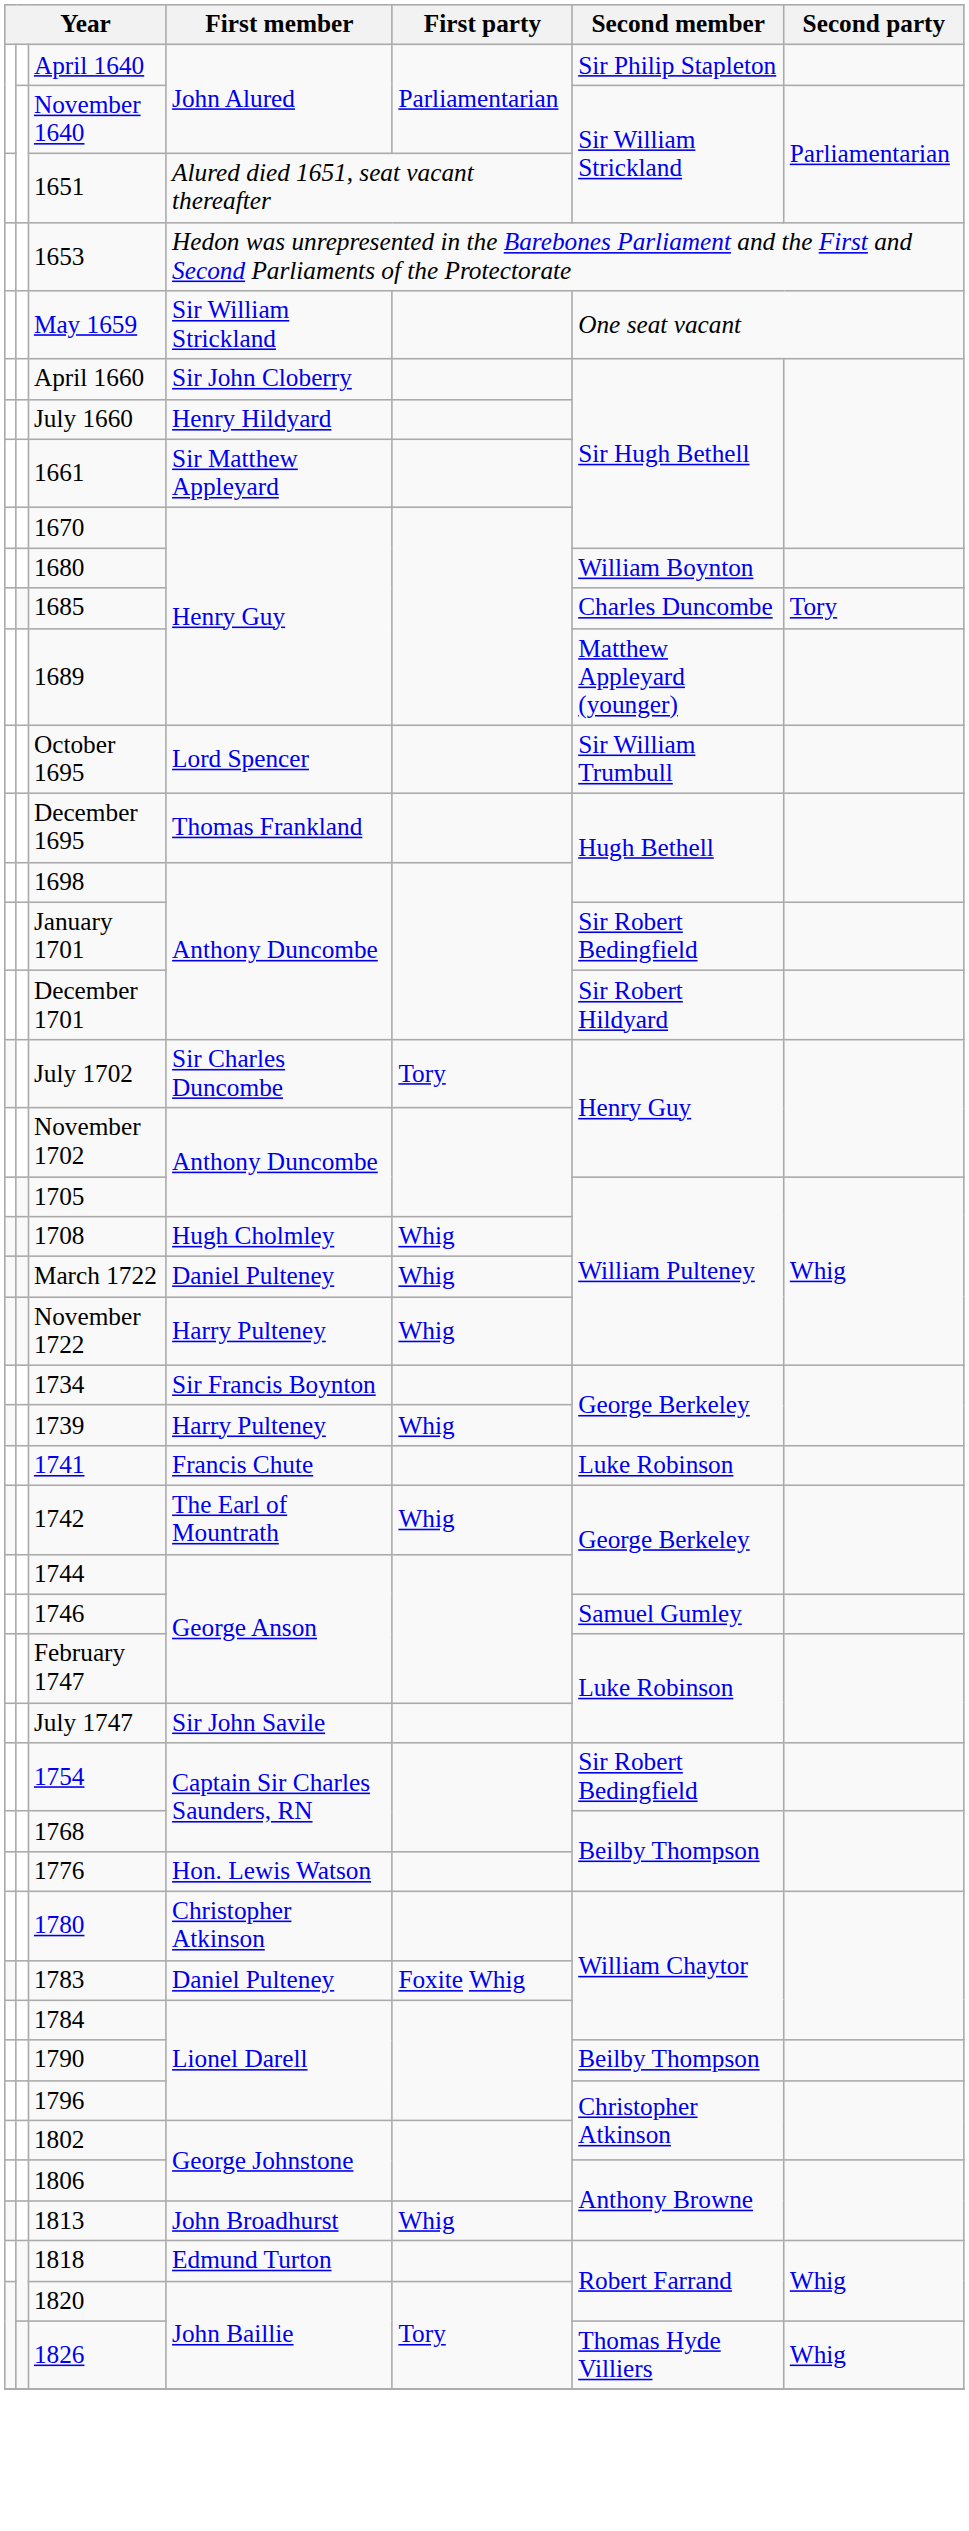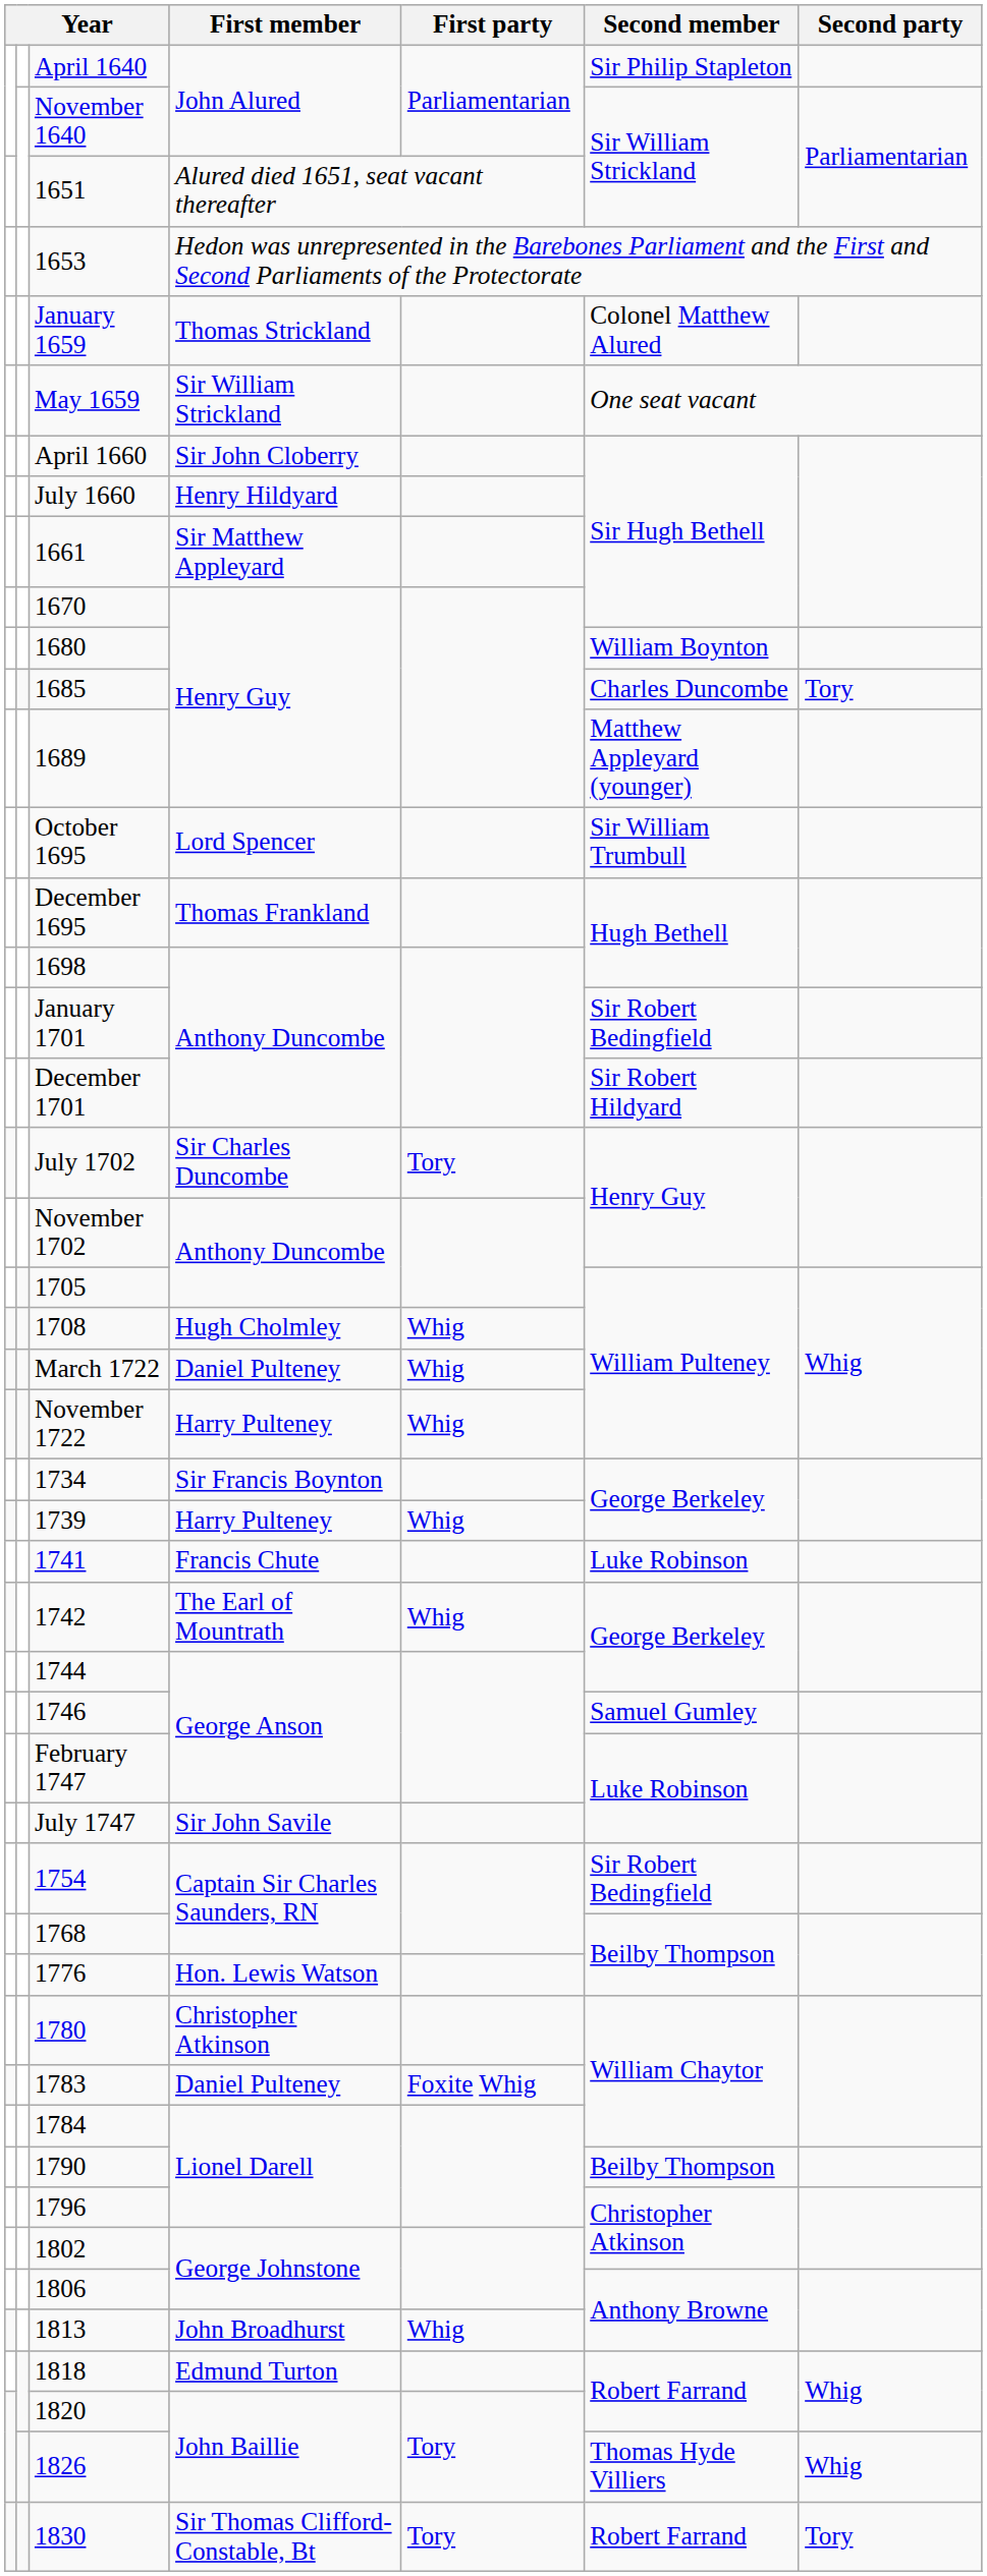 <table class="wikitable">
 <tr>
 <th colspan="3">Year</th>
 <th>First member</th>
 <th>First party</th>
 <th>Second member</th>
 <th>Second party</th>
 </tr>
 <tr>
 <td rowspan="2" style="color:inherit;background-color: white"></td>
 <td style="color:inherit;background-color: white"></td>
 <td><a href='#'>April 1640</a></td>
 <td rowspan="2"><a href='#'>John Alured</a></td>
 <td rowspan="2"><a href='#'>Parliamentarian</a></td>
 <td><a href='#'>Sir Philip Stapleton</a></td>
 <td></td>
 </tr>
 <tr>
 <td rowspan="2" style="color:inherit;background-color: white"></td>
 <td><a href='#'>November 1640</a></td>
 <td rowspan="2"><a href='#'>Sir William Strickland</a></td>
 <td rowspan="2"><a href='#'>Parliamentarian</a></td>
 </tr>
 <tr>
 <td style="color:inherit;background-color: white"></td>
 <td>1651</td>
 <td colspan="2"><em>Alured died 1651, seat vacant thereafter</em></td>
 </tr>
 <tr>
 <td style="color:inherit;background-color: white"></td>
 <td style="color:inherit;background-color: white"></td>
 <td>1653</td>
 <td colspan="4"><em>Hedon was unrepresented in the <a href='#'>Barebones Parliament</a> and the <a href='#'>First</a> and <a href='#'>Second</a> Parliaments of the Protectorate</em></td>
+</tr>
+<tr>
+<td style="color:inherit;background-color: white"></td>
+<td style="color:inherit;background-color: white"></td>
+<td><a href='#'>January 1659</a></td>
+<td><a href='#'>Thomas Strickland</a></td>
+<td></td>
+<td>Colonel <a href='#'>Matthew Alured</a></td>
+<td></td>
 </tr>
 <tr>
 <td style="color:inherit;background-color: white"></td>
 <td style="color:inherit;background-color: white"></td>
 <td><a href='#'>May 1659</a></td>
 <td><a href='#'>Sir William Strickland</a></td>
 <td></td>
 <td colspan="2"><em>One seat vacant</em></td>
 </tr>
 <tr>
 <td style="color:inherit;background-color: white"></td>
 <td style="color:inherit;background-color: white"></td>
 <td>April 1660</td>
 <td><a href='#'>Sir John Cloberry</a></td>
 <td></td>
 <td rowspan="4"><a href='#'>Sir Hugh Bethell</a></td>
 <td rowspan="4"></td>
 </tr>
 <tr>
 <td style="color:inherit;background-color: white"></td>
 <td style="color:inherit;background-color: white"></td>
 <td>July 1660</td>
 <td><a href='#'>Henry Hildyard</a></td>
 <td></td>
 </tr>
 <tr>
 <td style="color:inherit;background-color: white"></td>
 <td style="color:inherit;background-color: white"></td>
 <td>1661</td>
 <td><a href='#'>Sir Matthew Appleyard</a></td>
 <td></td>
 </tr>
 <tr>
 <td style="color:inherit;background-color: white"></td>
 <td style="color:inherit;background-color: white"></td>
 <td>1670</td>
 <td rowspan="4"><a href='#'>Henry Guy</a></td>
 <td rowspan="4"></td>
 </tr>
 <tr>
 <td style="color:inherit;background-color: white"></td>
 <td style="color:inherit;background-color: white"></td>
 <td>1680</td>
 <td><a href='#'>William Boynton</a></td>
 <td></td>
 </tr>
 <tr>
 <td style="color:inherit;background-color: white"></td>
 <td style="color:inherit;background-color: "></td>
 <td>1685</td>
 <td><a href='#'>Charles Duncombe</a></td>
 <td><a href='#'>Tory</a></td>
 </tr>
 <tr>
 <td style="color:inherit;background-color: white"></td>
 <td style="color:inherit;background-color: white"></td>
 <td>1689</td>
 <td><a href='#'>Matthew Appleyard (younger)</a></td>
 <td></td>
 </tr>
 <tr>
 <td style="color:inherit;background-color: white"></td>
 <td style="color:inherit;background-color: white"></td>
 <td>October 1695</td>
 <td><a href='#'>Lord Spencer</a></td>
 <td></td>
 <td><a href='#'>Sir William Trumbull</a></td>
 <td></td>
 </tr>
 <tr>
 <td style="color:inherit;background-color: white"></td>
 <td style="color:inherit;background-color: white"></td>
 <td>December 1695</td>
 <td><a href='#'>Thomas Frankland</a></td>
 <td></td>
 <td rowspan="2"><a href='#'>Hugh Bethell</a></td>
 <td rowspan="2"></td>
 </tr>
 <tr>
 <td style="color:inherit;background-color: white"></td>
 <td style="color:inherit;background-color: white"></td>
 <td>1698</td>
 <td rowspan="3"><a href='#'>Anthony Duncombe</a></td>
 <td rowspan="3"></td>
 </tr>
 <tr>
 <td style="color:inherit;background-color: white"></td>
 <td style="color:inherit;background-color: white"></td>
 <td>January 1701</td>
 <td><a href='#'>Sir Robert Bedingfield</a></td>
 <td></td>
 </tr>
 <tr>
 <td style="color:inherit;background-color: white"></td>
 <td style="color:inherit;background-color: white"></td>
 <td>December 1701</td>
 <td><a href='#'>Sir Robert Hildyard</a></td>
 <td></td>
 </tr>
 <tr>
 <td style="color:inherit;background-color: "></td>
 <td style="color:inherit;background-color: white"></td>
 <td>July 1702</td>
 <td><a href='#'>Sir Charles Duncombe</a></td>
 <td><a href='#'>Tory</a></td>
 <td rowspan="2"><a href='#'>Henry Guy</a></td>
 <td rowspan="2"></td>
 </tr>
 <tr>
 <td style="color:inherit;background-color: white"></td>
 <td style="color:inherit;background-color: white"></td>
 <td>November 1702</td>
 <td rowspan="2"><a href='#'>Anthony Duncombe</a></td>
 <td rowspan="2"></td>
 </tr>
 <tr>
 <td style="color:inherit;background-color: white"></td>
 <td style="color:inherit;background-color: "></td>
 <td>1705</td>
 <td rowspan="4"><a href='#'>William Pulteney</a></td>
 <td rowspan="4"><a href='#'>Whig</a></td>
 </tr>
 <tr>
 <td style="color:inherit;background-color: "></td>
 <td style="color:inherit;background-color: "></td>
 <td>1708</td>
 <td><a href='#'>Hugh Cholmley</a></td>
 <td><a href='#'>Whig</a></td>
 </tr>
 <tr>
 <td style="color:inherit;background-color: "></td>
 <td style="color:inherit;background-color: "></td>
 <td>March 1722</td>
 <td><a href='#'>Daniel Pulteney</a></td>
 <td><a href='#'>Whig</a></td>
 </tr>
 <tr>
 <td style="color:inherit;background-color: "></td>
 <td style="color:inherit;background-color: "></td>
 <td>November 1722</td>
 <td><a href='#'>Harry Pulteney</a></td>
 <td><a href='#'>Whig</a></td>
 </tr>
 <tr>
 <td style="color:inherit;background-color: white"></td>
 <td style="color:inherit;background-color: white"></td>
 <td>1734</td>
 <td><a href='#'>Sir Francis Boynton</a></td>
 <td></td>
 <td rowspan="2"><a href='#'>George Berkeley</a></td>
 <td rowspan="2"></td>
 </tr>
 <tr>
 <td style="color:inherit;background-color: "></td>
 <td style="color:inherit;background-color: white"></td>
 <td>1739</td>
 <td><a href='#'>Harry Pulteney</a></td>
 <td><a href='#'>Whig</a></td>
 </tr>
 <tr>
 <td style="color:inherit;background-color: white"></td>
 <td style="color:inherit;background-color: white"></td>
 <td><a href='#'>1741</a></td>
 <td><a href='#'>Francis Chute</a></td>
 <td></td>
 <td><a href='#'>Luke Robinson</a></td>
 <td></td>
 </tr>
 <tr>
 <td style="color:inherit;background-color: "></td>
 <td style="color:inherit;background-color: white"></td>
 <td>1742</td>
 <td><a href='#'>The Earl of Mountrath</a></td>
 <td><a href='#'>Whig</a></td>
 <td rowspan="2"><a href='#'>George Berkeley</a></td>
 <td rowspan="2"></td>
 </tr>
 <tr>
 <td style="color:inherit;background-color: white"></td>
 <td style="color:inherit;background-color: white"></td>
 <td>1744</td>
 <td rowspan="3"><a href='#'>George Anson</a></td>
 <td rowspan="3"></td>
 </tr>
 <tr>
 <td style="color:inherit;background-color: white"></td>
 <td style="color:inherit;background-color: white"></td>
 <td>1746</td>
 <td><a href='#'>Samuel Gumley</a></td>
 <td></td>
 </tr>
 <tr>
 <td style="color:inherit;background-color: white"></td>
 <td style="color:inherit;background-color: white"></td>
 <td>February 1747</td>
 <td rowspan="2"><a href='#'>Luke Robinson</a></td>
 <td rowspan="2"></td>
 </tr>
 <tr>
 <td style="color:inherit;background-color: white"></td>
 <td style="color:inherit;background-color: white"></td>
 <td>July 1747</td>
 <td><a href='#'>Sir John Savile</a></td>
 <td></td>
 </tr>
 <tr>
 <td style="color:inherit;background-color: white"></td>
 <td style="color:inherit;background-color: white"></td>
 <td><a href='#'>1754</a></td>
 <td rowspan="2"><a href='#'>Captain Sir Charles Saunders, RN</a></td>
 <td rowspan="2"></td>
 <td><a href='#'>Sir Robert Bedingfield</a></td>
 <td></td>
 </tr>
 <tr>
 <td style="color:inherit;background-color: white"></td>
 <td style="color:inherit;background-color: white"></td>
 <td>1768</td>
 <td rowspan="2"><a href='#'>Beilby Thompson</a></td>
 <td rowspan="2"></td>
 </tr>
 <tr>
 <td style="color:inherit;background-color: white"></td>
 <td style="color:inherit;background-color: white"></td>
 <td>1776</td>
 <td><a href='#'>Hon. Lewis Watson</a></td>
 <td></td>
 </tr>
 <tr>
 <td style="color:inherit;background-color: white"></td>
 <td style="color:inherit;background-color: white"></td>
 <td><a href='#'>1780</a></td>
 <td><a href='#'>Christopher Atkinson</a></td>
 <td></td>
 <td rowspan="3"><a href='#'>William Chaytor</a></td>
 <td rowspan="3"></td>
 </tr>
 <tr>
 <td style="color:inherit;background-color: "></td>
 <td style="color:inherit;background-color: white"></td>
 <td>1783</td>
 <td><a href='#'>Daniel Pulteney</a></td>
 <td><a href='#'>Foxite</a> <a href='#'>Whig</a></td>
 </tr>
 <tr>
 <td style="color:inherit;background-color: white"></td>
 <td style="color:inherit;background-color: white"></td>
 <td>1784</td>
 <td rowspan="3"><a href='#'>Lionel Darell</a></td>
 <td rowspan="3"></td>
 </tr>
 <tr>
 <td style="color:inherit;background-color: white"></td>
 <td style="color:inherit;background-color: white"></td>
 <td>1790</td>
 <td><a href='#'>Beilby Thompson</a></td>
 <td></td>
 </tr>
 <tr>
 <td style="color:inherit;background-color: white"></td>
 <td style="color:inherit;background-color: white"></td>
 <td>1796</td>
 <td rowspan="2"><a href='#'>Christopher Atkinson</a></td>
 <td rowspan="2"></td>
 </tr>
 <tr>
 <td style="color:inherit;background-color: white"></td>
 <td style="color:inherit;background-color: white"></td>
 <td>1802</td>
 <td rowspan="2"><a href='#'>George Johnstone</a></td>
 <td rowspan="2"></td>
 </tr>
 <tr>
 <td style="color:inherit;background-color: white"></td>
 <td style="color:inherit;background-color: white"></td>
 <td>1806</td>
 <td rowspan="2"><a href='#'>Anthony Browne</a></td>
 <td rowspan="2"></td>
 </tr>
 <tr>
 <td style="color:inherit;background-color: "></td>
 <td style="color:inherit;background-color: white"></td>
 <td>1813</td>
 <td><a href='#'>John Broadhurst</a></td>
 <td><a href='#'>Whig</a></td>
 </tr>
 <tr>
 <td style="color:inherit;background-color: white"></td>
 <td rowspan="2" style="color:inherit;background-color: "></td>
 <td>1818</td>
 <td><a href='#'>Edmund Turton</a></td>
 <td></td>
 <td rowspan="2"><a href='#'>Robert Farrand</a></td>
 <td rowspan="2"><a href='#'>Whig</a></td>
 </tr>
 <tr>
 <td rowspan="2" style="color:inherit;background-color: "></td>
 <td>1820</td>
 <td rowspan="2"><a href='#'>John Baillie</a></td>
 <td rowspan="2"><a href='#'>Tory</a></td>
 </tr>
 <tr>
 <td style="color:inherit;background-color: "></td>
 <td><a href='#'>1826</a></td>
 <td><a href='#'>Thomas Hyde Villiers</a></td>
 <td><a href='#'>Whig</a></td>
 </tr>
 <tr>
+<td style="color:inherit;background-color: "></td>
+<td style="color:inherit;background-color: "></td>
+<td><a href='#'>1830</a></td>
+<td><a href='#'>Sir Thomas Clifford-Constable, Bt</a></td>
+<td><a href='#'>Tory</a></td>
+<td><a href='#'>Robert Farrand</a></td>
+<td><a href='#'>Tory</a></td>
+</tr>
+<tr>
 </tr>
 </table>
